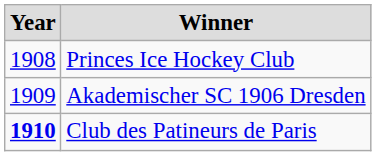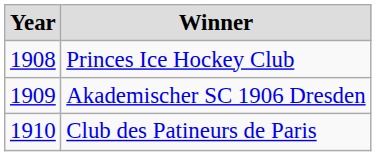 <table class="wikitable">
 <tr style="font-weight:bold; background-color:#dddddd;" align="center" |>
 <td>Year</td>
 <td>Winner</td>
 </tr>
 <tr>
 <td align="center"><a href='#'>1908</a></td>
 <td> <a href='#'>Princes Ice Hockey Club</a></td>
 </tr>
 <tr>
 <td align="center"><a href='#'>1909</a></td>
 <td> <a href='#'>Akademischer SC 1906 Dresden</a></td>
 </tr>
 <tr>
-<td align="center"><strong><a href='#'>1910</a></strong></td>
+<td align="center"><a href='#'>1910</a></td>
 <td> <a href='#'>Club des Patineurs de Paris</a></td>
 </tr>
 </table>
